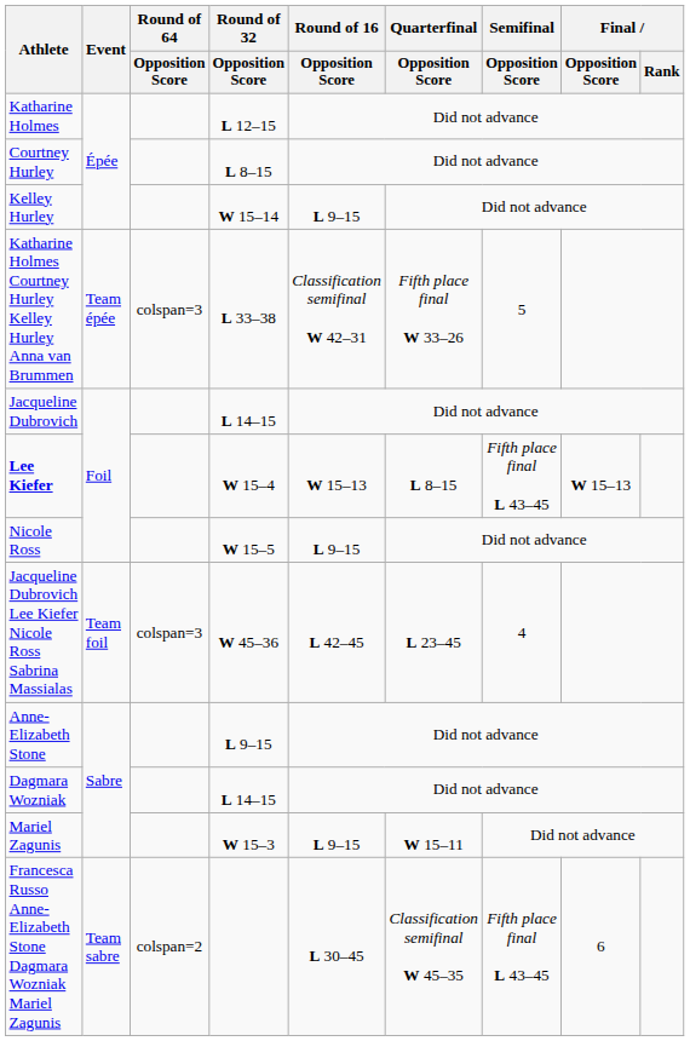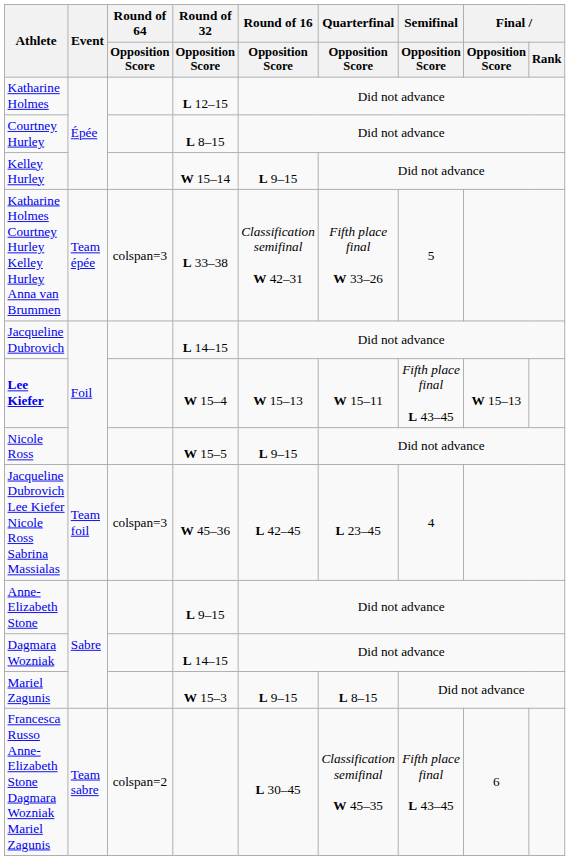 <table class=wikitable style=font-size:90%;text-align:center>
 <tr>
 <th rowspan=2>Athlete</th>
 <th rowspan=2>Event</th>
 <th>Round of 64</th>
 <th>Round of 32</th>
 <th>Round of 16</th>
 <th>Quarterfinal</th>
 <th>Semifinal</th>
 <th colspan=2>Final / </th>
 </tr>
 <tr style=font-size:95%>
 <th>Opposition<br>Score</th>
 <th>Opposition<br>Score</th>
 <th>Opposition<br>Score</th>
 <th>Opposition<br>Score</th>
 <th>Opposition<br>Score</th>
 <th>Opposition<br>Score</th>
 <th>Rank</th>
 </tr>
 <tr>
 <td align=left><a href='#'>Katharine Holmes</a></td>
 <td align=left rowspan=3><a href='#'>Épée</a></td>
 <td></td>
 <td><br><strong>L</strong> 12–15</td>
 <td colspan=5>Did not advance</td>
 </tr>
 <tr>
 <td align=left><a href='#'>Courtney Hurley</a></td>
 <td></td>
 <td><br><strong>L</strong> 8–15</td>
 <td colspan=5>Did not advance</td>
 </tr>
 <tr>
 <td align=left><a href='#'>Kelley Hurley</a></td>
 <td></td>
 <td><br><strong>W</strong> 15–14</td>
 <td><br><strong>L</strong> 9–15</td>
 <td colspan=4>Did not advance</td>
 </tr>
 <tr>
 <td align=left><a href='#'>Katharine Holmes</a><br><a href='#'>Courtney Hurley</a><br><a href='#'>Kelley Hurley</a><br><a href='#'>Anna van Brummen</a></td>
 <td align=left><a href='#'>Team épée</a></td>
 <td>colspan=3 </td>
 <td><br><strong>L</strong> 33–38</td>
 <td><em>Classification semifinal</em><br><br><strong>W</strong> 42–31</td>
 <td><em>Fifth place final</em><br><br><strong>W</strong> 33–26</td>
 <td>5</td>
 </tr>
 <tr>
 <td align=left><a href='#'>Jacqueline Dubrovich</a></td>
 <td align=left rowspan=3><a href='#'>Foil</a></td>
 <td></td>
 <td><br><strong>L</strong> 14–15</td>
 <td colspan=5>Did not advance</td>
 </tr>
 <tr>
 <td align=left><strong><a href='#'>Lee Kiefer</a></strong></td>
 <td></td>
 <td><br><strong>W</strong> 15–4</td>
 <td><br><strong>W</strong> 15–13</td>
-<td><br><strong>L</strong> 8–15</td>
+<td><br><strong>W</strong> 15–11</td>
 <td><em>Fifth place final</em><br><br><strong>L</strong> 43–45</td>
 <td><br><strong>W</strong> 15–13</td>
 <td></td>
 </tr>
 <tr>
 <td align=left><a href='#'>Nicole Ross</a></td>
 <td></td>
 <td><br><strong>W</strong> 15–5</td>
 <td><br><strong>L</strong> 9–15</td>
 <td colspan=4>Did not advance</td>
 </tr>
 <tr>
 <td align=left><a href='#'>Jacqueline Dubrovich</a><br><a href='#'>Lee Kiefer</a><br><a href='#'>Nicole Ross</a><br><a href='#'>Sabrina Massialas</a></td>
 <td align=left><a href='#'>Team foil</a></td>
 <td>colspan=3 </td>
 <td><br><strong>W</strong> 45–36</td>
 <td><br><strong>L</strong> 42–45</td>
 <td><br><strong>L</strong> 23–45</td>
 <td>4</td>
 </tr>
 <tr>
 <td align=left><a href='#'>Anne-Elizabeth Stone</a></td>
 <td align=left rowspan=3><a href='#'>Sabre</a></td>
 <td></td>
 <td><br><strong>L</strong> 9–15</td>
 <td colspan=5>Did not advance</td>
 </tr>
 <tr>
 <td align=left><a href='#'>Dagmara Wozniak</a></td>
 <td></td>
 <td><br><strong>L</strong> 14–15</td>
 <td colspan=5>Did not advance</td>
 </tr>
 <tr>
 <td align=left><a href='#'>Mariel Zagunis</a></td>
 <td></td>
 <td><br><strong>W</strong> 15–3</td>
 <td><br><strong>L</strong> 9–15</td>
-<td><br><strong>W</strong> 15–11</td>
+<td><br><strong>L</strong> 8–15</td>
 <td colspan=3>Did not advance</td>
 </tr>
 <tr>
 <td align=left><a href='#'>Francesca Russo</a><br><a href='#'>Anne-Elizabeth Stone</a><br><a href='#'>Dagmara Wozniak</a><br><a href='#'>Mariel Zagunis</a></td>
 <td align=left><a href='#'>Team sabre</a></td>
 <td>colspan=2 </td>
 <td></td>
 <td><br><strong>L</strong> 30–45</td>
 <td><em>Classification semifinal</em><br><br><strong>W</strong> 45–35</td>
 <td><em>Fifth place final</em><br><br><strong>L</strong> 43–45</td>
 <td>6</td>
 </tr>
 </table>
